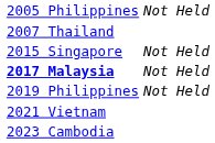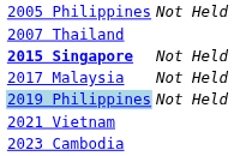 <table>
 <tr>
 <td><a href='#'>2005 Philippines</a><br></td>
 <td colspan=4; align=center><em>Not Held</em></td>
 </tr>
 <tr>
 <td><a href='#'>2007 Thailand</a><br></td>
 <td></td>
 <td></td>
 <td></td>
 </tr>
 <tr>
-<td><a href='#'>2015 Singapore</a><br></td>
+<td><strong><a href='#'>2015 Singapore</a><br></strong></td>
 <td colspan=4; align=center><em>Not Held</em></td>
 </tr>
 <tr>
-<td><strong><a href='#'>2017 Malaysia</a><br></strong></td>
+<td><a href='#'>2017 Malaysia</a><br></td>
 <td colspan=4; align=center><em>Not Held</em></td>
 </tr>
 <tr>
-<td><a href='#'>2019 Philippines</a><br></td>
+<td style="background: lightblue;"><a href='#'>2019 Philippines</a><br></td>
 <td colspan=4; align=center><em>Not Held</em></td>
 </tr>
 <tr>
 <td><a href='#'>2021 Vietnam</a><br></td>
 <td></td>
 <td></td>
 <td></td>
 </tr>
 <tr>
 <td><a href='#'>2023 Cambodia</a><br></td>
 <td></td>
 <td></td>
 <td></td>
 </tr>
 </table>
